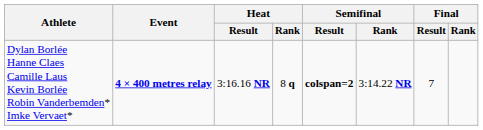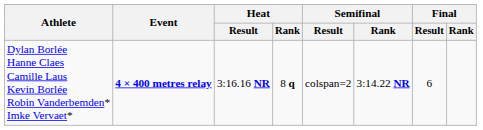 <table class=wikitable style=font-size:90%>
 <tr>
 <th rowspan=2>Athlete</th>
 <th rowspan=2>Event</th>
 <th colspan=2>Heat</th>
 <th colspan=2>Semifinal</th>
 <th colspan=2>Final</th>
 </tr>
 <tr style=font-size:95%>
 <th>Result</th>
 <th>Rank</th>
 <th>Result</th>
 <th>Rank</th>
 <th>Result</th>
 <th>Rank</th>
 </tr>
 <tr align=center>
 <td align=left><a href='#'>Dylan Borlée</a>  <br> <a href='#'>Hanne Claes</a><br> <a href='#'>Camille Laus</a> <br> <a href='#'>Kevin Borlée</a> <br><a href='#'>Robin Vanderbemden</a>*  <br> <a href='#'>Imke Vervaet</a>*</td>
 <td align=left><strong><a href='#'>4 × 400 metres relay</a></strong></td>
 <td>3:16.16 <strong><a href='#'>NR</a></strong></td>
 <td>8 <strong>q</strong></td>
-<td><strong>colspan=2</strong></td>
+<td>colspan=2</td>
 <td>3:14.22 <strong><a href='#'>NR</a></strong></td>
-<td>7</td>
+<td>6</td>
 </tr>
 </table>
